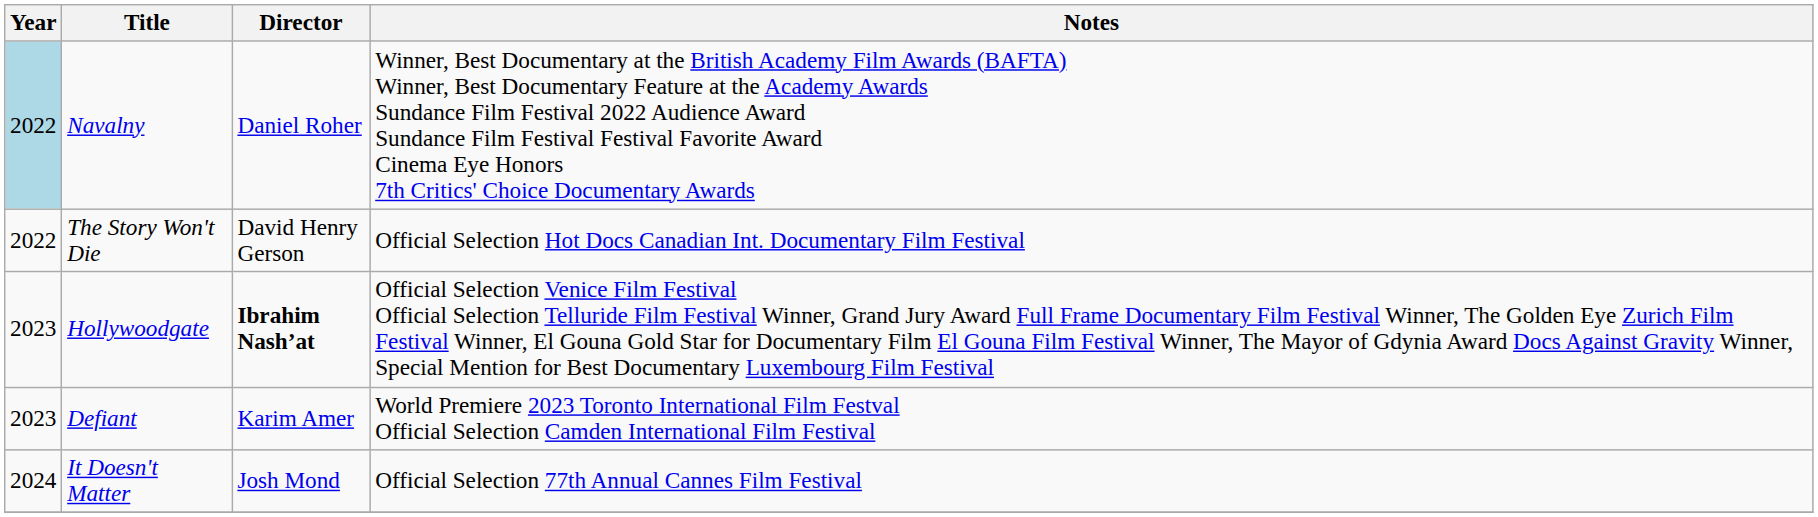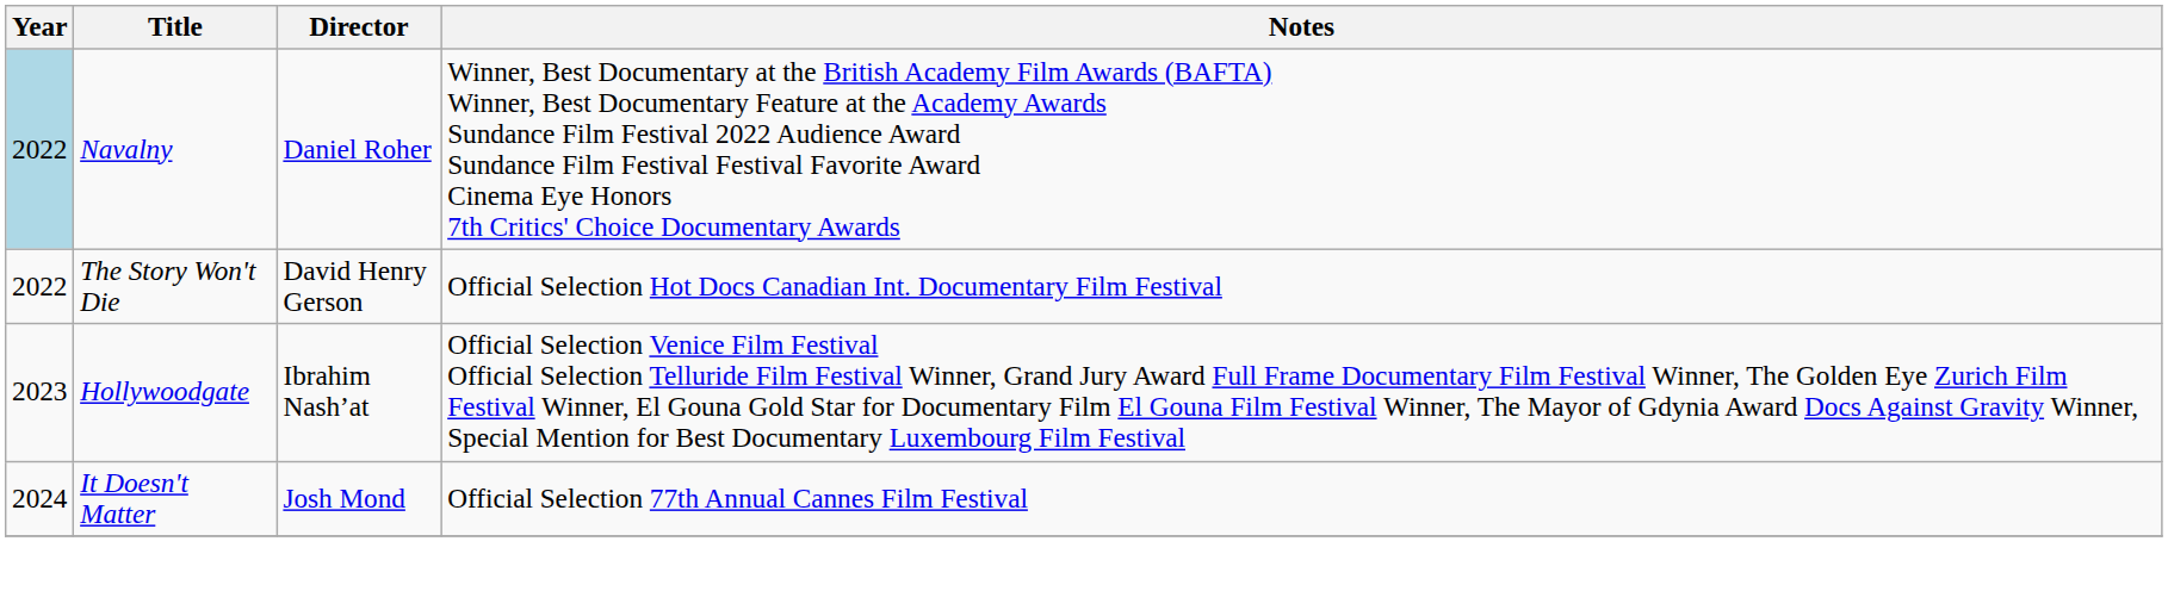 <table class="wikitable">
 <tr>
 <th>Year</th>
 <th>Title</th>
 <th>Director</th>
 <th>Notes</th>
 </tr>
 <tr>
 <td style="background: lightblue;">2022</td>
 <td><em><a href='#'>Navalny</a></em></td>
 <td><a href='#'>Daniel Roher</a></td>
 <td>Winner, Best Documentary at the <a href='#'>British Academy Film Awards (BAFTA)</a><br>Winner, Best Documentary Feature at the <a href='#'>Academy Awards</a><br>Sundance Film Festival 2022 Audience Award<br>Sundance Film Festival Festival Favorite Award<br>Cinema Eye Honors<br><a href='#'>7th Critics' Choice Documentary Awards</a></td>
 </tr>
 <tr>
 <td>2022</td>
 <td><em>The Story Won't Die</em></td>
 <td>David Henry Gerson</td>
 <td>Official Selection <a href='#'>Hot Docs Canadian Int. Documentary Film Festival</a></td>
 </tr>
 <tr>
 <td>2023</td>
 <td><em><a href='#'>Hollywoodgate</a></em></td>
-<td><strong>Ibrahim Nash’at</strong></td>
+<td>Ibrahim Nash’at</td>
 <td>Official Selection <a href='#'>Venice Film Festival</a><br>Official Selection <a href='#'>Telluride Film Festival</a>  Winner, Grand Jury Award <a href='#'>Full Frame Documentary Film Festival</a> Winner, The Golden Eye <a href='#'>Zurich Film Festival</a> Winner, El Gouna Gold Star for Documentary Film <a href='#'>El Gouna Film Festival</a> Winner, The Mayor of Gdynia Award <a href='#'>Docs Against Gravity</a> Winner, Special Mention for Best Documentary <a href='#'>Luxembourg Film Festival</a></td>
-</tr>
-<tr>
-<td>2023</td>
-<td><em><a href='#'>Defiant</a></em></td>
-<td><a href='#'>Karim Amer</a></td>
-<td>World Premiere <a href='#'>2023 Toronto International Film Festval</a><br>Official Selection <a href='#'>Camden International Film Festival</a></td>
 </tr>
 <tr>
 <td>2024</td>
 <td><em><a href='#'>It Doesn't Matter</a></em></td>
 <td><a href='#'>Josh Mond</a></td>
 <td>Official Selection <a href='#'>77th Annual Cannes Film Festival</a></td>
 </tr>
 <tr>
 </tr>
 </table>
